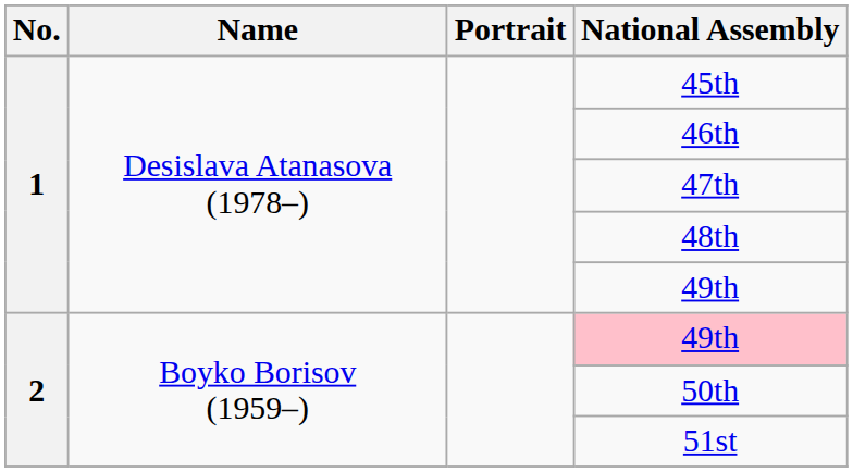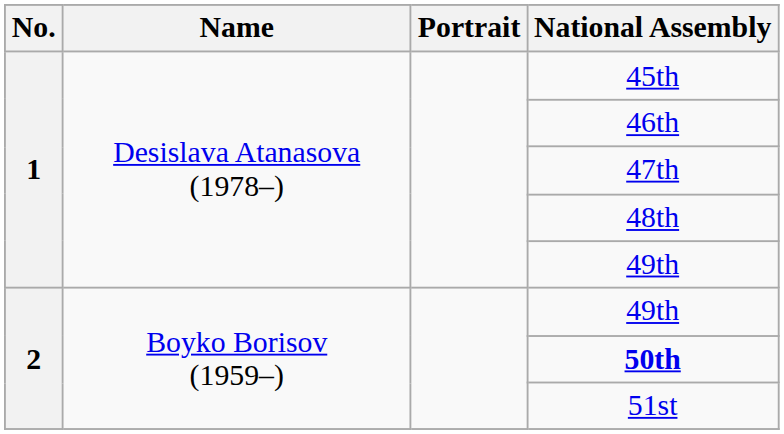 <table class="wikitable" style="text-align:center">
 <tr>
 <th>No.</th>
 <th width=180>Name<br></th>
 <th>Portrait</th>
 <th colspan=2>National Assembly</th>
 </tr>
 <tr>
 <th rowspan="5" style="background:">1</th>
 <td rowspan="5"><a href='#'>Desislava Atanasova</a><br>(1978–)</td>
 <td rowspan="5"></td>
 <td><a href='#'>45th</a></td>
 </tr>
 <tr>
 <td><a href='#'>46th</a></td>
 </tr>
 <tr>
 <td><a href='#'>47th</a></td>
 </tr>
 <tr>
 <td><a href='#'>48th</a></td>
 </tr>
 <tr>
 <td><a href='#'>49th</a></td>
 </tr>
 <tr>
 <th rowspan="3" style="background:">2</th>
 <td rowspan="3"><a href='#'>Boyko Borisov</a><br>(1959–)</td>
 <td rowspan="3"><br></td>
-<td style="background: pink;"><a href='#'>49th</a></td>
+<td><a href='#'>49th</a></td>
 </tr>
 <tr>
-<td><a href='#'>50th</a></td>
+<td><strong><a href='#'>50th</a></strong></td>
 </tr>
 <tr>
 <td><a href='#'>51st</a></td>
 </tr>
 </table>
